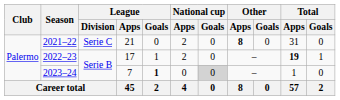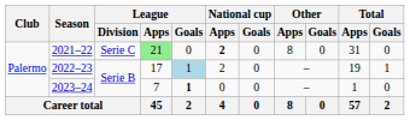 <table class="wikitable" style="text-align: center;">
 <tr>
 <th rowspan="2">Club</th>
 <th rowspan="2">Season</th>
 <th colspan="3">League</th>
 <th colspan="2">National cup</th>
 <th colspan="2">Other</th>
 <th colspan="2">Total</th>
 </tr>
 <tr>
 <th>Division</th>
 <th>Apps</th>
 <th>Goals</th>
 <th>Apps</th>
 <th>Goals</th>
 <th>Apps</th>
 <th>Goals</th>
 <th>Apps</th>
 <th>Goals</th>
 </tr>
 <tr>
 <td rowspan="3"><a href='#'>Palermo</a></td>
 <td><a href='#'>2021–22</a></td>
 <td><a href='#'>Serie C</a></td>
-<td>21</td>
+<td style="background: lightgreen;">21</td>
 <td>0</td>
-<td>2</td>
+<td><strong>2</strong></td>
 <td>0</td>
-<td><strong>8</strong></td>
+<td>8</td>
 <td>0</td>
 <td>31</td>
 <td>0</td>
 </tr>
 <tr>
 <td><a href='#'>2022–23</a></td>
 <td rowspan="2"><a href='#'>Serie B</a></td>
 <td>17</td>
-<td>1</td>
+<td style="background: lightblue;">1</td>
 <td>2</td>
 <td>0</td>
 <td colspan="2">–</td>
-<td><strong>19</strong></td>
+<td>19</td>
 <td>1</td>
 </tr>
 <tr>
 <td><a href='#'>2023–24</a></td>
 <td>7</td>
 <td><strong>1</strong></td>
 <td>0</td>
-<td style="background: lightgrey;">0</td>
+<td>0</td>
 <td colspan="2">–</td>
 <td>1</td>
 <td>0</td>
 </tr>
 <tr>
 <th colspan="3">Career total</th>
 <th>45</th>
 <th>2</th>
 <th>4</th>
 <th>0</th>
 <th>8</th>
 <th>0</th>
 <th>57</th>
 <th>2</th>
 </tr>
 </table>
